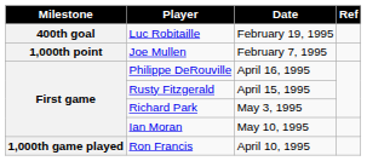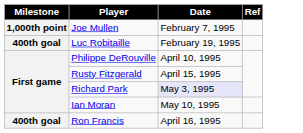 <table class="wikitable">
 <tr>
 <th style="color:white; background:#000000; ">Milestone</th>
 <th style="color:white; background:#000000; ">Player</th>
 <th style="color:white; background:#000000; ">Date</th>
 <th style="color:white; background:#000000; ">Ref</th>
 </tr>
 <tr>
+<th>1,000th point</th>
+<td><a href='#'>Joe Mullen</a></td>
+<td>February 7, 1995</td>
+<td></td>
+</tr>
+<tr>
 <th>400th goal</th>
 <td><a href='#'>Luc Robitaille</a></td>
 <td>February 19, 1995</td>
 <td></td>
 </tr>
 <tr>
-<th>1,000th point</th>
-<td><a href='#'>Joe Mullen</a></td>
-<td>February 7, 1995</td>
-<td></td>
-</tr>
-<tr>
 <th rowspan=4>First game</th>
 <td><a href='#'>Philippe DeRouville</a></td>
-<td>April 16, 1995</td>
+<td>April 10, 1995</td>
 <td rowspan=3></td>
 </tr>
 <tr>
 <td><a href='#'>Rusty Fitzgerald</a></td>
 <td>April 15, 1995</td>
 </tr>
 <tr>
 <td><a href='#'>Richard Park</a></td>
-<td>May 3, 1995</td>
+<td style="background: lavender;">May 3, 1995</td>
 </tr>
 <tr>
 <td><a href='#'>Ian Moran</a></td>
 <td>May 10, 1995</td>
 <td></td>
 </tr>
 <tr>
-<th>1,000th game played</th>
+<th>400th goal</th>
 <td><a href='#'>Ron Francis</a></td>
-<td>April 10, 1995</td>
+<td>April 16, 1995</td>
 <td></td>
 </tr>
 </table>
